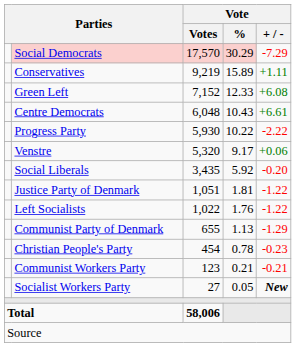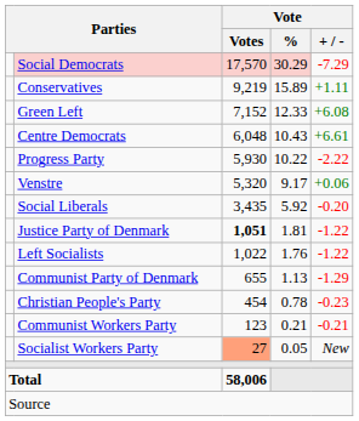 <table class="wikitable" style="text-align:right;">
 <tr>
 <th style="text-align:centre;" rowspan="2" colspan="2" width="225">Parties</th>
 <th colspan="3">Vote</th>
 </tr>
 <tr>
 <th width="15">Votes</th>
 <th width="15">%</th>
 <th width="15">+ / -</th>
 </tr>
 <tr>
 <td width="2" style="color:inherit;background:"></td>
 <td bgcolor=#fbd0ce  align="left"><a href='#'>Social Democrats</a></td>
 <td bgcolor=#fbd0ce>17,570</td>
 <td bgcolor=#fbd0ce>30.29</td>
 <td style=color:red;>-7.29</td>
 </tr>
 <tr>
 <td width="2" style="color:inherit;background:"></td>
 <td align="left"><a href='#'>Conservatives</a></td>
 <td>9,219</td>
 <td>15.89</td>
 <td style=color:green;>+1.11</td>
 </tr>
 <tr>
 <td width="2" style="color:inherit;background:"></td>
 <td align="left"><a href='#'>Green Left</a></td>
 <td>7,152</td>
 <td>12.33</td>
 <td style=color:green;>+6.08</td>
 </tr>
 <tr>
 <td width="2" style="color:inherit;background:"></td>
 <td align="left"><a href='#'>Centre Democrats</a></td>
 <td>6,048</td>
 <td>10.43</td>
 <td style=color:green;>+6.61</td>
 </tr>
 <tr>
 <td width="2" style="color:inherit;background:"></td>
 <td align="left"><a href='#'>Progress Party</a></td>
 <td>5,930</td>
 <td>10.22</td>
 <td style=color:red;>-2.22</td>
 </tr>
 <tr>
 <td width="2" style="color:inherit;background:"></td>
 <td align="left"><a href='#'>Venstre</a></td>
 <td>5,320</td>
 <td>9.17</td>
 <td style=color:green;>+0.06</td>
 </tr>
 <tr>
 <td width="2" style="color:inherit;background:"></td>
 <td align="left"><a href='#'>Social Liberals</a></td>
 <td>3,435</td>
 <td>5.92</td>
 <td style=color:red;>-0.20</td>
 </tr>
 <tr>
 <td width="2" style="color:inherit;background:"></td>
 <td align="left"><a href='#'>Justice Party of Denmark</a></td>
-<td>1,051</td>
+<td><strong>1,051</strong></td>
 <td>1.81</td>
 <td style=color:red;>-1.22</td>
 </tr>
 <tr>
 <td width="2" style="color:inherit;background:"></td>
 <td align="left"><a href='#'>Left Socialists</a></td>
 <td>1,022</td>
 <td>1.76</td>
 <td style=color:red;>-1.22</td>
 </tr>
 <tr>
 <td width="2" style="color:inherit;background:"></td>
 <td align="left"><a href='#'>Communist Party of Denmark</a></td>
 <td>655</td>
 <td>1.13</td>
 <td style=color:red;>-1.29</td>
 </tr>
 <tr>
 <td width="2" style="color:inherit;background:"></td>
 <td align="left"><a href='#'>Christian People's Party</a></td>
 <td>454</td>
 <td>0.78</td>
 <td style=color:red;>-0.23</td>
 </tr>
 <tr>
 <td width="2" style="color:inherit;background:"></td>
 <td align="left"><a href='#'>Communist Workers Party</a></td>
 <td>123</td>
 <td>0.21</td>
 <td style=color:red;>-0.21</td>
 </tr>
 <tr>
 <td width="2" style="color:inherit;background:"></td>
 <td align="left"><a href='#'>Socialist Workers Party</a></td>
-<td>27</td>
+<td style="background: lightsalmon;">27</td>
 <td>0.05</td>
-<td><strong><em>New</em></strong></td>
+<td><em>New</em></td>
 </tr>
 <tr>
 <td colspan="7" bgcolor="#E9E9E9"></td>
 </tr>
 <tr>
 <td align="left" colspan="2"><strong>Total</strong></td>
 <td><strong>58,006</strong></td>
 <td bgcolor="#E9E9E9" colspan="2"></td>
 </tr>
 <tr>
 <td align="left" colspan="6">Source</td>
 </tr>
 </table>
